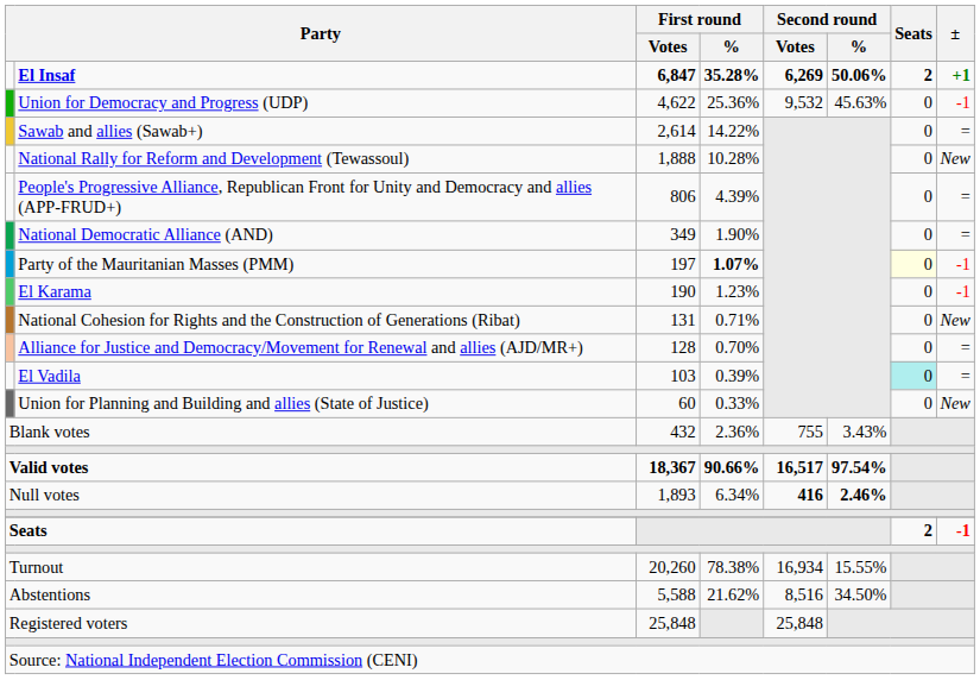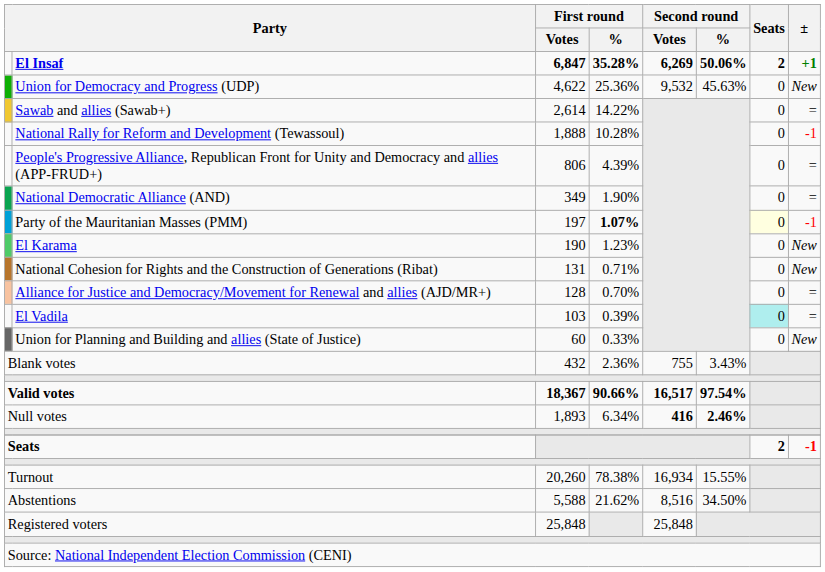 <table class="wikitable" style="text-align:right;font-size:95%;">
 <tr>
 <th rowspan="2" colspan="2" width="700">Party</th>
 <th colspan="2">First round</th>
 <th colspan="2">Second round</th>
 <th rowspan="2" width="25">Seats</th>
 <th rowspan="2" width="20">±</th>
 </tr>
 <tr>
 <th width="50">Votes</th>
 <th width="50">%</th>
 <th width="50">Votes</th>
 <th width="50">%</th>
 </tr>
 <tr>
 <td width="1" style="color:inherit;background:"></td>
 <td style="text-align:left;"><strong><a href='#'>El Insaf</a></strong></td>
 <td><strong>6,847</strong></td>
 <td><strong>35.28%</strong></td>
 <td><strong>6,269</strong></td>
 <td><strong>50.06%</strong></td>
 <td><strong>2</strong></td>
 <td style="color:green;"><strong>+1</strong></td>
 </tr>
 <tr>
 <td width="1" style="color:inherit;background:#0FAF05;"></td>
 <td style="text-align:left;"><a href='#'>Union for Democracy and Progress</a> (UDP)</td>
 <td>4,622</td>
 <td>25.36%</td>
 <td>9,532</td>
 <td>45.63%</td>
 <td>0</td>
-<td style="color:red;">-1</td>
+<td><em>New</em></td>
 </tr>
 <tr>
 <td width="1" style="color:inherit;background:#F0C832;"></td>
 <td style="text-align:left;"><a href='#'>Sawab</a> and <a href='#'>allies</a> (Sawab+)</td>
 <td>2,614</td>
 <td>14.22%</td>
 <td colspan="2" rowspan="10" style="background:#E9E9E9;"></td>
 <td>0</td>
 <td>=</td>
 </tr>
 <tr>
 <td width="1" style="color:inherit;background:"></td>
 <td style="text-align:left;"><a href='#'>National Rally for Reform and Development</a> (Tewassoul)</td>
 <td>1,888</td>
 <td>10.28%</td>
 <td>0</td>
-<td><em>New</em></td>
+<td style="color:red;">-1</td>
 </tr>
 <tr>
 <td width="1" style="color:inherit;background:"></td>
 <td style="text-align:left;"><a href='#'>People's Progressive Alliance</a>, Republican Front for Unity and Democracy and <a href='#'>allies</a> (APP-FRUD+)</td>
 <td>806</td>
 <td>4.39%</td>
 <td>0</td>
 <td>=</td>
 </tr>
 <tr>
 <td width="1" style="color:inherit;background:#0AA450;"></td>
 <td style="text-align:left;"><a href='#'>National Democratic Alliance</a> (AND)</td>
 <td>349</td>
 <td>1.90%</td>
 <td>0</td>
 <td>=</td>
 </tr>
 <tr>
 <td width="1" style="color:inherit;background:#00A1D7;"></td>
 <td style="text-align:left;">Party of the Mauritanian Masses (PMM)</td>
 <td>197</td>
 <td><strong>1.07%</strong></td>
 <td style="background: lightyellow;">0</td>
 <td style="color:red;">-1</td>
 </tr>
 <tr>
 <td width="1" style="color:inherit;background:#4FCB68;"></td>
 <td style="text-align:left;"><a href='#'>El Karama</a></td>
 <td>190</td>
 <td>1.23%</td>
 <td>0</td>
-<td style="color:red;">-1</td>
+<td><em>New</em></td>
 </tr>
 <tr>
 <td width="1" style="color:inherit;background:#B7752C;"></td>
 <td style="text-align:left;">National Cohesion for Rights and the Construction of Generations (Ribat)</td>
 <td>131</td>
 <td>0.71%</td>
 <td>0</td>
 <td><em>New</em></td>
 </tr>
 <tr>
 <td width="1" style="color:inherit;background:#F8C3A0;"></td>
 <td style="text-align:left;"><a href='#'>Alliance for Justice and Democracy/Movement for Renewal</a> and <a href='#'>allies</a> (AJD/MR+)</td>
 <td>128</td>
 <td>0.70%</td>
 <td>0</td>
 <td>=</td>
 </tr>
 <tr>
 <td width="1" style="color:inherit;background:"></td>
 <td style="text-align:left;"><a href='#'>El Vadila</a></td>
 <td>103</td>
 <td>0.39%</td>
 <td style="background: paleturquoise;">0</td>
 <td>=</td>
 </tr>
 <tr>
 <td width="1" style="color:inherit;background:#666666;"></td>
 <td style="text-align:left;">Union for Planning and Building and <a href='#'>allies</a> (State of Justice)</td>
 <td>60</td>
 <td>0.33%</td>
 <td>0</td>
 <td><em>New</em></td>
 </tr>
 <tr>
 <td colspan="2" style="text-align:left;">Blank votes</td>
 <td>432</td>
 <td>2.36%</td>
 <td>755</td>
 <td>3.43%</td>
 <td colspan="2" style="background:#E9E9E9;"></td>
 </tr>
 <tr>
 <td colspan="8" style="background:#E9E9E9;"></td>
 </tr>
 <tr style="font-weight:bold;">
 <td colspan="2" style="text-align:left;">Valid votes</td>
 <td>18,367</td>
 <td>90.66%</td>
 <td>16,517</td>
 <td>97.54%</td>
 <td colspan="2" style="background:#E9E9E9;"></td>
 </tr>
 <tr>
 <td colspan="2" style="text-align:left;">Null votes</td>
 <td>1,893</td>
 <td>6.34%</td>
 <td><strong>416</strong></td>
 <td><strong>2.46%</strong></td>
 <td colspan="2" style="background:#E9E9E9;"></td>
 </tr>
 <tr>
 <td colspan="8" style="background:#E9E9E9;"></td>
 </tr>
 <tr>
 </tr>
 <tr style="font-weight:bold;">
 <td colspan="2" style="text-align:left;">Seats</td>
 <td colspan="4" style="background:#E9E9E9;"></td>
 <td>2</td>
 <td style="color:red;">-1</td>
 </tr>
 <tr>
 <td colspan="8" style="background:#E9E9E9;"></td>
 </tr>
 <tr>
 <td colspan="2" style="text-align:left;">Turnout</td>
 <td>20,260</td>
 <td>78.38%</td>
 <td>16,934</td>
 <td>15.55%</td>
 <td colspan="2" style="background:#E9E9E9;"></td>
 </tr>
 <tr>
 <td colspan="2" style="text-align:left;">Abstentions</td>
 <td>5,588</td>
 <td>21.62%</td>
 <td>8,516</td>
 <td>34.50%</td>
 <td colspan="2" style="background:#E9E9E9;"></td>
 </tr>
 <tr>
 <td colspan="2" style="text-align:left;">Registered voters</td>
 <td>25,848</td>
 <td style="color:inherit;background:#E9E9E9;"></td>
 <td>25,848</td>
 <td colspan="3" style="background:#E9E9E9;"></td>
 </tr>
 <tr>
 <td colspan="8" style="background:#E9E9E9;"></td>
 </tr>
 <tr>
 <td colspan="8" style="text-align:left;">Source: <a href='#'>National Independent Election Commission</a> (CENI)</td>
 </tr>
 </table>
